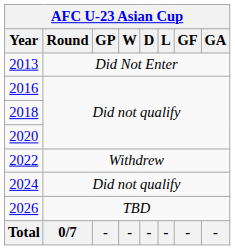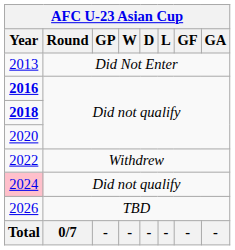 <table class="wikitable" style="text-align:center; font-size:90%;">
 <tr>
 <th colspan=8><a href='#'>AFC U-23 Asian Cup</a></th>
 </tr>
 <tr>
 <th>Year</th>
 <th>Round</th>
 <th>GP</th>
 <th>W</th>
 <th>D</th>
 <th>L</th>
 <th>GF</th>
 <th>GA</th>
 </tr>
 <tr>
 <td> <a href='#'>2013</a></td>
 <td rowspan=1 colspan=7><em>Did Not Enter</em></td>
 </tr>
 <tr>
-<td> <a href='#'>2016</a></td>
+<td><strong> <a href='#'>2016</a></strong></td>
 <td rowspan=3 colspan=7><em>Did not qualify</em></td>
 </tr>
 <tr>
-<td> <a href='#'>2018</a></td>
+<td><strong> <a href='#'>2018</a></strong></td>
 </tr>
 <tr>
 <td> <a href='#'>2020</a></td>
 </tr>
 <tr>
 <td> <a href='#'>2022</a></td>
 <td rowspan=1 colspan=7><em>Withdrew</em></td>
 </tr>
 <tr>
-<td> <a href='#'>2024</a></td>
+<td style="background: pink;"> <a href='#'>2024</a></td>
 <td rowspan=1 colspan=7><em>Did not qualify</em></td>
 </tr>
 <tr>
 <td> <a href='#'>2026</a></td>
 <td rowspan=1 colspan=7><em>TBD</em></td>
 </tr>
 <tr>
 <th>Total</th>
 <th>0/7</th>
 <th>-</th>
 <th>-</th>
 <th>-</th>
 <th>-</th>
 <th>-</th>
 <th>-</th>
 </tr>
 </table>
